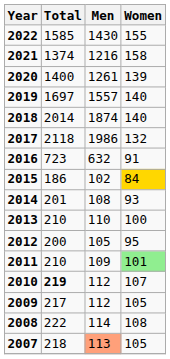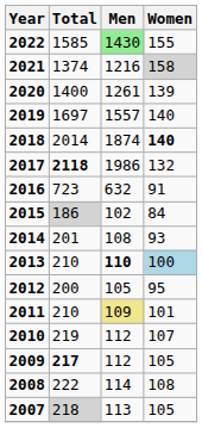 <table class="wikitable">
 <tr>
 <th>Year</th>
 <th>Total</th>
 <th>Men</th>
 <th>Women</th>
 </tr>
 <tr>
 <td><strong>2022</strong></td>
 <td>1585</td>
-<td>1430</td>
+<td style="background: lightgreen;">1430</td>
 <td>155</td>
 </tr>
 <tr>
 <td><strong>2021</strong></td>
 <td>1374</td>
 <td>1216</td>
-<td>158</td>
+<td style="background: lightgrey;">158</td>
 </tr>
 <tr>
 <td><strong>2020</strong></td>
 <td>1400</td>
 <td>1261</td>
 <td>139</td>
 </tr>
 <tr>
 <td><strong>2019</strong></td>
 <td>1697</td>
 <td>1557</td>
 <td>140</td>
 </tr>
 <tr>
 <td><strong>2018</strong></td>
 <td>2014</td>
 <td>1874</td>
-<td>140</td>
+<td><strong>140</strong></td>
 </tr>
 <tr>
 <td><strong>2017</strong></td>
-<td>2118</td>
+<td><strong>2118</strong></td>
 <td>1986</td>
 <td>132</td>
 </tr>
 <tr>
 <td><strong>2016</strong></td>
 <td>723</td>
 <td>632</td>
 <td>91</td>
 </tr>
 <tr>
 <td><strong>2015</strong></td>
-<td>186</td>
+<td style="background: lightgrey;">186</td>
 <td>102</td>
-<td style="background: gold;">84</td>
+<td>84</td>
 </tr>
 <tr>
 <td><strong>2014</strong></td>
 <td>201</td>
 <td>108</td>
 <td>93</td>
 </tr>
 <tr>
 <td><strong>2013</strong></td>
 <td>210</td>
-<td>110</td>
-<td>100</td>
+<td><strong>110</strong></td>
+<td style="background: lightblue;">100</td>
 </tr>
 <tr>
 <td><strong>2012</strong></td>
 <td>200</td>
 <td>105</td>
 <td>95</td>
 </tr>
 <tr>
 <td><strong>2011</strong></td>
 <td>210</td>
-<td>109</td>
-<td style="background: lightgreen;">101</td>
+<td style="background: khaki;">109</td>
+<td>101</td>
 </tr>
 <tr>
 <td><strong>2010</strong></td>
-<td><strong>219</strong></td>
+<td>219</td>
 <td>112</td>
 <td>107</td>
 </tr>
 <tr>
 <td><strong>2009</strong></td>
-<td>217</td>
+<td><strong>217</strong></td>
 <td>112</td>
 <td>105</td>
 </tr>
 <tr>
 <td><strong>2008</strong></td>
 <td>222</td>
 <td>114</td>
 <td>108</td>
 </tr>
 <tr>
 <td><strong>2007</strong></td>
-<td>218</td>
-<td style="background: lightsalmon;">113</td>
+<td style="background: lightgrey;">218</td>
+<td>113</td>
 <td>105</td>
 </tr>
 <tr>
 </tr>
 </table>
